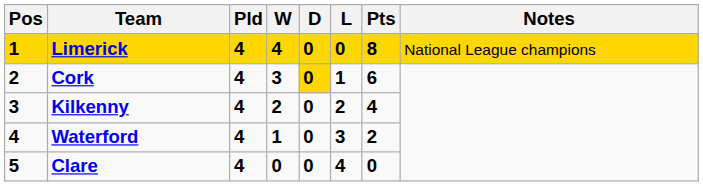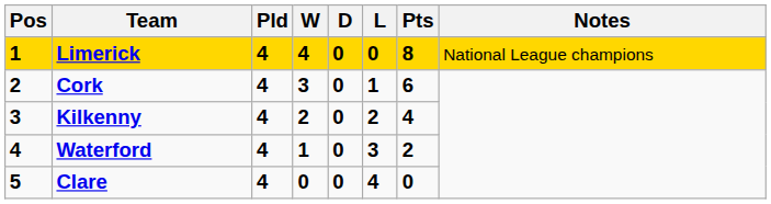 <table class="wikitable" style="text-align: centre;">
 <tr>
 <th width=20>Pos</th>
 <th width=150>Team</th>
 <th width=20>Pld</th>
 <th width=20>W</th>
 <th width=20>D</th>
 <th width=20>L</th>
 <th width=20>Pts</th>
 <th width=250>Notes</th>
 </tr>
 <tr style="background:gold;">
 <td><strong>1</strong></td>
 <td align=left><strong> <a href='#'>Limerick</a> </strong></td>
 <td><strong>4</strong></td>
 <td><strong>4</strong></td>
 <td><strong>0</strong></td>
 <td><strong>0</strong></td>
 <td><strong>8</strong></td>
 <td><small> National League champions</small></td>
 </tr>
 <tr>
 <td><strong>2</strong></td>
 <td align=left><strong> <a href='#'>Cork</a> </strong></td>
 <td><strong>4</strong></td>
 <td><strong>3</strong></td>
-<td style="background: gold;"><strong>0</strong></td>
+<td><strong>0</strong></td>
 <td><strong>1</strong></td>
 <td><strong>6</strong></td>
 </tr>
 <tr>
 <td><strong>3</strong></td>
 <td align=left><strong> <a href='#'>Kilkenny</a> </strong></td>
 <td><strong>4</strong></td>
 <td><strong>2</strong></td>
 <td><strong>0</strong></td>
 <td><strong>2</strong></td>
 <td><strong>4</strong></td>
 </tr>
 <tr>
 <td><strong>4</strong></td>
 <td align=left><strong> <a href='#'>Waterford</a> </strong></td>
 <td><strong>4</strong></td>
 <td><strong>1</strong></td>
 <td><strong>0</strong></td>
 <td><strong>3</strong></td>
 <td><strong>2</strong></td>
 </tr>
 <tr>
 <td><strong>5</strong></td>
 <td align=left><strong> <a href='#'>Clare</a> </strong></td>
 <td><strong>4</strong></td>
 <td><strong>0</strong></td>
 <td><strong>0</strong></td>
 <td><strong>4</strong></td>
 <td><strong>0</strong></td>
 </tr>
 </table>
